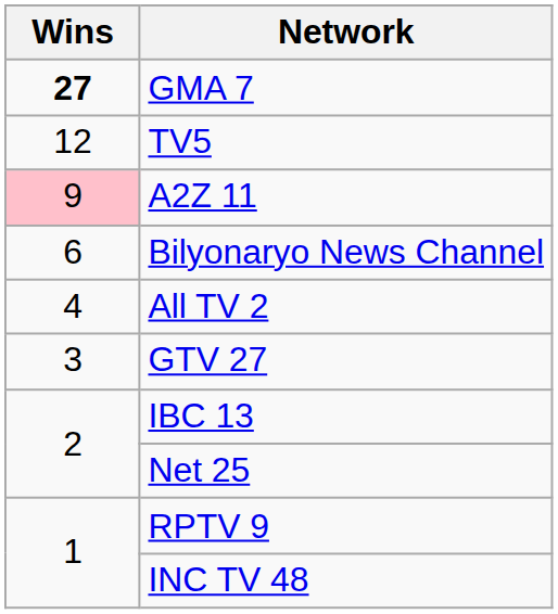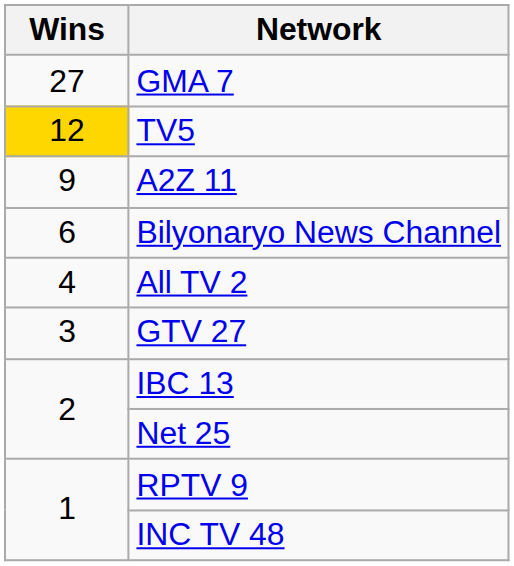 <table class="wikitable sortable">
 <tr>
 <th scope="col" style="width:55px;">Wins</th>
 <th scope="col" style="text-align:center;">Network</th>
 </tr>
 <tr>
-<td scope=row style="text-align:center"><strong>27</strong></td>
+<td scope=row style="text-align:center">27</td>
 <td><a href='#'>GMA 7</a></td>
 </tr>
 <tr>
-<td scope=row style="text-align:center">12</td>
+<td scope=row style="background: gold; text-align:center">12</td>
 <td><a href='#'>TV5</a></td>
 </tr>
 <tr>
-<td scope=row style="background: pink; text-align:center">9</td>
+<td scope=row style="text-align:center">9</td>
 <td><a href='#'>A2Z 11</a></td>
 </tr>
 <tr>
 <td scope=row style="text-align:center">6</td>
 <td><a href='#'>Bilyonaryo News Channel</a></td>
 </tr>
 <tr>
 <td scope=row style="text-align:center">4</td>
 <td><a href='#'>All TV 2</a></td>
 </tr>
 <tr>
 <td scope=row style="text-align:center">3</td>
 <td><a href='#'>GTV 27</a></td>
 </tr>
 <tr>
 <td scope=row rowspan="2" style="text-align:center">2</td>
 <td><a href='#'>IBC 13</a></td>
 </tr>
 <tr>
 <td><a href='#'>Net 25</a></td>
 </tr>
 <tr>
 <td scope=row rowspan="2" style="text-align:center">1</td>
 <td><a href='#'>RPTV 9</a></td>
 </tr>
 <tr>
 <td><a href='#'>INC TV 48</a></td>
 </tr>
 </table>
